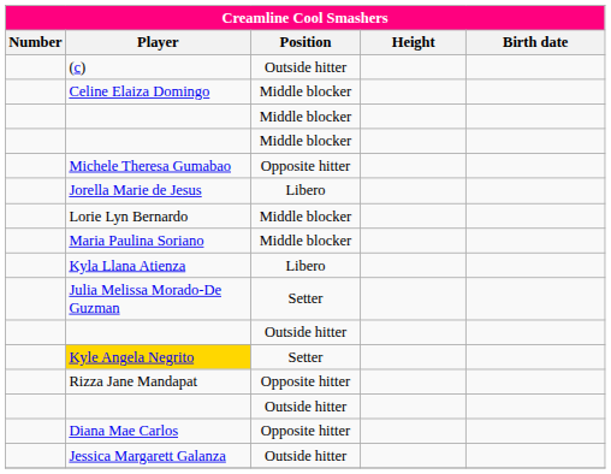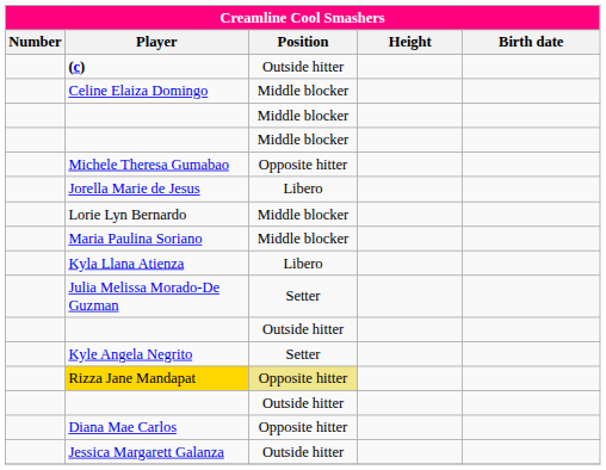 <table class="wikitable sortable" style="font-size:95%; text-align:left;">
 <tr>
 <th colspan="6" style= "background:#FF007F; color:white; text-align: center"><strong>Creamline Cool Smashers</strong></th>
 </tr>
 <tr style="background:#FFFFFF;">
 <th style= "align=center; width:1em;">Number</th>
 <th style= "align=center;width:17em;">Player</th>
 <th style= "align=center; width:9em;">Position</th>
 <th style= "align=center; width:9em;">Height</th>
 <th style= "align=center; width:13em;">Birth date</th>
 </tr>
 <tr align=center>
 <td></td>
-<td align=left> (<a href='#'>c</a>)</td>
+<td align=left><strong> (<a href='#'>c</a>)</strong></td>
 <td>Outside hitter</td>
 <td></td>
 <td align=right></td>
 </tr>
 <tr align=center>
 <td></td>
 <td align=left><a href='#'>Celine Elaiza Domingo</a></td>
 <td>Middle blocker</td>
 <td></td>
 <td align="right"></td>
 </tr>
 <tr align=center>
 <td></td>
 <td align=left></td>
 <td>Middle blocker</td>
 <td></td>
 <td align=right></td>
 </tr>
 <tr align=center>
 <td></td>
 <td align=left></td>
 <td>Middle blocker</td>
 <td></td>
 <td align="right"></td>
 </tr>
 <tr align=center>
 <td></td>
 <td align=left><a href='#'>Michele Theresa Gumabao</a></td>
 <td>Opposite hitter</td>
 <td></td>
 <td align="right"></td>
 </tr>
 <tr align=center>
 <td></td>
 <td align=left><a href='#'>Jorella Marie de Jesus</a></td>
 <td>Libero</td>
 <td></td>
 <td align="right"></td>
 </tr>
 <tr align=center>
 <td></td>
 <td align=left>Lorie Lyn Bernardo</td>
 <td>Middle blocker</td>
 <td></td>
 <td align="right"></td>
 </tr>
 <tr align=center>
 <td></td>
 <td align=left><a href='#'>Maria Paulina Soriano</a></td>
 <td>Middle blocker</td>
 <td></td>
 <td align=right></td>
 </tr>
 <tr align=center>
 <td></td>
 <td align=left><a href='#'>Kyla Llana Atienza</a></td>
 <td>Libero</td>
 <td></td>
 <td align="right"></td>
 </tr>
 <tr align=center>
 <td></td>
 <td align=left><a href='#'>Julia Melissa Morado-De Guzman</a></td>
 <td>Setter</td>
 <td></td>
 <td align=right></td>
 </tr>
 <tr align=center>
 <td></td>
 <td align=left></td>
 <td>Outside hitter</td>
 <td></td>
 <td align="right"></td>
 </tr>
 <tr align=center>
 <td></td>
-<td align=left style="background: gold;"><a href='#'>Kyle Angela Negrito</a></td>
+<td align=left><a href='#'>Kyle Angela Negrito</a></td>
 <td>Setter</td>
 <td></td>
 <td align=right></td>
 </tr>
 <tr align=center>
 <td></td>
-<td align=left>Rizza Jane Mandapat</td>
-<td>Opposite hitter</td>
+<td align=left style="background: gold;">Rizza Jane Mandapat</td>
+<td style="background: khaki;">Opposite hitter</td>
 <td></td>
 <td align="right"></td>
 </tr>
 <tr align=center>
 <td></td>
 <td align=left></td>
 <td>Outside hitter</td>
 <td></td>
 <td align="right"></td>
 </tr>
 <tr align=center>
 <td></td>
 <td align=left><a href='#'>Diana Mae Carlos</a></td>
 <td>Opposite hitter</td>
 <td></td>
 <td align="right"></td>
 </tr>
 <tr align=center>
 <td></td>
 <td align=left><a href='#'>Jessica Margarett Galanza</a></td>
 <td>Outside hitter</td>
 <td></td>
 <td align=right></td>
 </tr>
 <tr align=center>
 </tr>
 </table>
